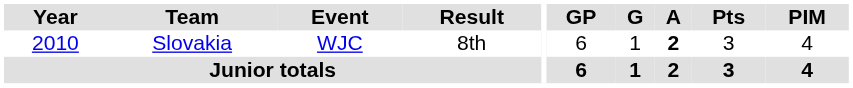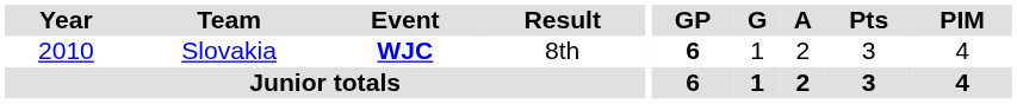 <table border="0" cellpadding="1" cellspacing="0" ID="Table3" style="text-align:center; width:40em">
 <tr ALIGN="center" bgcolor="#e0e0e0">
 <th>Year</th>
 <th>Team</th>
 <th>Event</th>
 <th>Result</th>
 <th rowspan="99" bgcolor="#ffffff"></th>
 <th>GP</th>
 <th>G</th>
 <th>A</th>
 <th>Pts</th>
 <th>PIM</th>
 </tr>
 <tr>
 <td><a href='#'>2010</a></td>
 <td><a href='#'>Slovakia</a></td>
-<td><a href='#'>WJC</a></td>
+<td><strong><a href='#'>WJC</a></strong></td>
 <td>8th</td>
-<td>6</td>
+<td><strong>6</strong></td>
 <td>1</td>
-<td><strong>2</strong></td>
+<td>2</td>
 <td>3</td>
 <td>4</td>
 </tr>
 <tr bgcolor="#e0e0e0">
 <th colspan="4">Junior totals</th>
 <th>6</th>
 <th>1</th>
 <th>2</th>
 <th>3</th>
 <th>4</th>
 </tr>
 </table>
